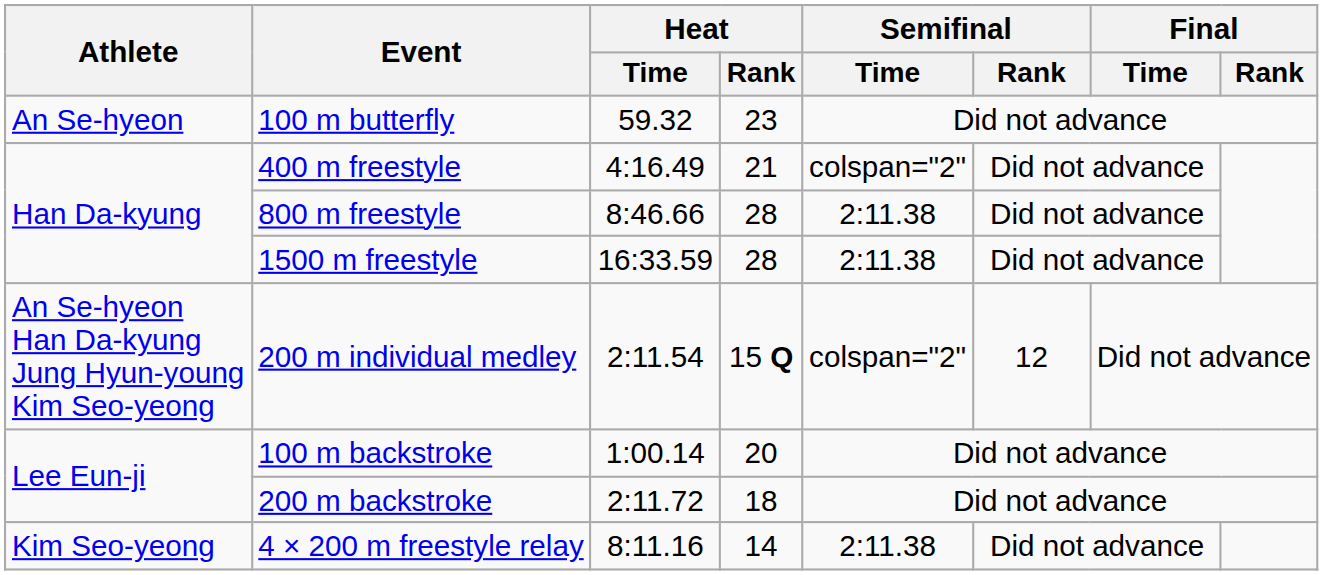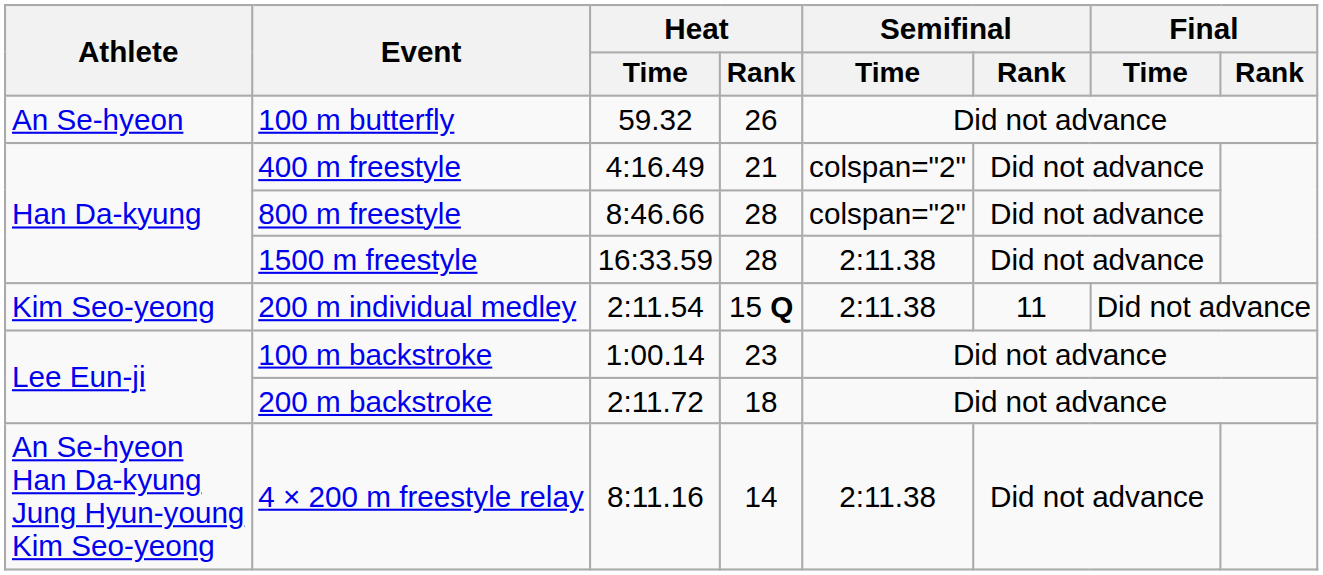 <table class=wikitable style="font-size:90%; text-align:center">
 <tr>
 <th rowspan="2">Athlete</th>
 <th rowspan="2">Event</th>
 <th colspan="2">Heat</th>
 <th colspan="2">Semifinal</th>
 <th colspan="2">Final</th>
 </tr>
 <tr style="font-size:95%">
 <th>Time</th>
 <th>Rank</th>
 <th>Time</th>
 <th>Rank</th>
 <th>Time</th>
 <th>Rank</th>
 </tr>
 <tr>
 <td style="text-align:left"><a href='#'>An Se-hyeon</a></td>
 <td style="text-align:left"><a href='#'>100 m butterfly</a></td>
 <td>59.32</td>
-<td>23</td>
+<td>26</td>
 <td colspan="4">Did not advance</td>
 </tr>
 <tr>
 <td style="text-align:left" rowspan=3><a href='#'>Han Da-kyung</a></td>
 <td style="text-align:left"><a href='#'>400 m freestyle</a></td>
 <td>4:16.49</td>
 <td>21</td>
 <td>colspan="2" </td>
 <td colspan="2">Did not advance</td>
 </tr>
 <tr>
 <td style="text-align:left"><a href='#'>800 m freestyle</a></td>
 <td>8:46.66</td>
 <td>28</td>
-<td>2:11.38</td>
+<td>colspan="2" </td>
 <td colspan="2">Did not advance</td>
 </tr>
 <tr>
 <td style="text-align:left"><a href='#'>1500 m freestyle</a></td>
 <td>16:33.59</td>
 <td>28</td>
 <td>2:11.38</td>
 <td colspan="2">Did not advance</td>
 </tr>
 <tr>
-<td style="text-align:left"><a href='#'>An Se-hyeon</a><br><a href='#'>Han Da-kyung</a><br><a href='#'>Jung Hyun-young</a><br><a href='#'>Kim Seo-yeong</a></td>
+<td style="text-align:left"><a href='#'>Kim Seo-yeong</a></td>
 <td style="text-align:left"><a href='#'>200 m individual medley</a></td>
 <td>2:11.54</td>
 <td>15 <strong>Q</strong></td>
-<td>colspan="2" </td>
-<td>12</td>
+<td>2:11.38</td>
+<td>11</td>
 <td colspan="2">Did not advance</td>
 </tr>
 <tr>
 <td rowspan="2" style="text-align:left"><a href='#'>Lee Eun-ji</a></td>
 <td style="text-align:left"><a href='#'>100 m backstroke</a></td>
 <td>1:00.14</td>
-<td>20</td>
+<td>23</td>
 <td colspan="4">Did not advance</td>
 </tr>
 <tr>
 <td style="text-align:left"><a href='#'>200 m backstroke</a></td>
 <td>2:11.72</td>
 <td>18</td>
 <td colspan="4">Did not advance</td>
 </tr>
 <tr>
-<td style="text-align:left"><a href='#'>Kim Seo-yeong</a></td>
+<td style="text-align:left"><a href='#'>An Se-hyeon</a><br><a href='#'>Han Da-kyung</a><br><a href='#'>Jung Hyun-young</a><br><a href='#'>Kim Seo-yeong</a></td>
 <td style="text-align:left"><a href='#'>4 × 200 m freestyle relay</a></td>
 <td>8:11.16</td>
 <td>14</td>
 <td>2:11.38</td>
 <td colspan="2">Did not advance</td>
 </tr>
 </table>
